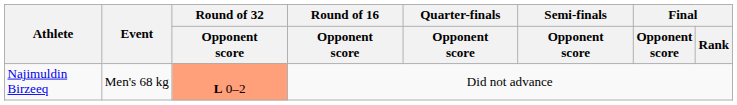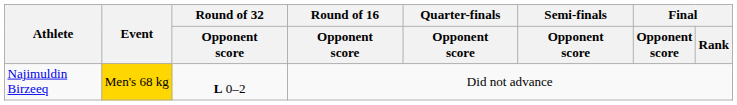 <table class="wikitable" style="font-size:90%; text-align:center">
 <tr>
 <th rowspan="2" width="100">Athlete</th>
 <th rowspan="2">Event</th>
 <th width="120">Round of 32</th>
 <th width="120">Round of 16</th>
 <th width="120">Quarter-finals</th>
 <th width="120">Semi-finals</th>
 <th colspan="2" width="100">Final</th>
 </tr>
 <tr>
 <th>Opponent<br>score</th>
 <th>Opponent<br>score</th>
 <th>Opponent<br>score</th>
 <th>Opponent<br>score</th>
 <th>Opponent<br>score</th>
 <th>Rank</th>
 </tr>
 <tr>
 <td align="left"><a href='#'>Najimuldin Birzeeq</a></td>
-<td align="left">Men's 68 kg</td>
-<td style="background: lightsalmon;"><br><strong>L</strong> 0–2</td>
+<td align="left" style="background: gold;">Men's 68 kg</td>
+<td><br><strong>L</strong> 0–2</td>
 <td colspan="5">Did not advance</td>
 </tr>
 </table>
